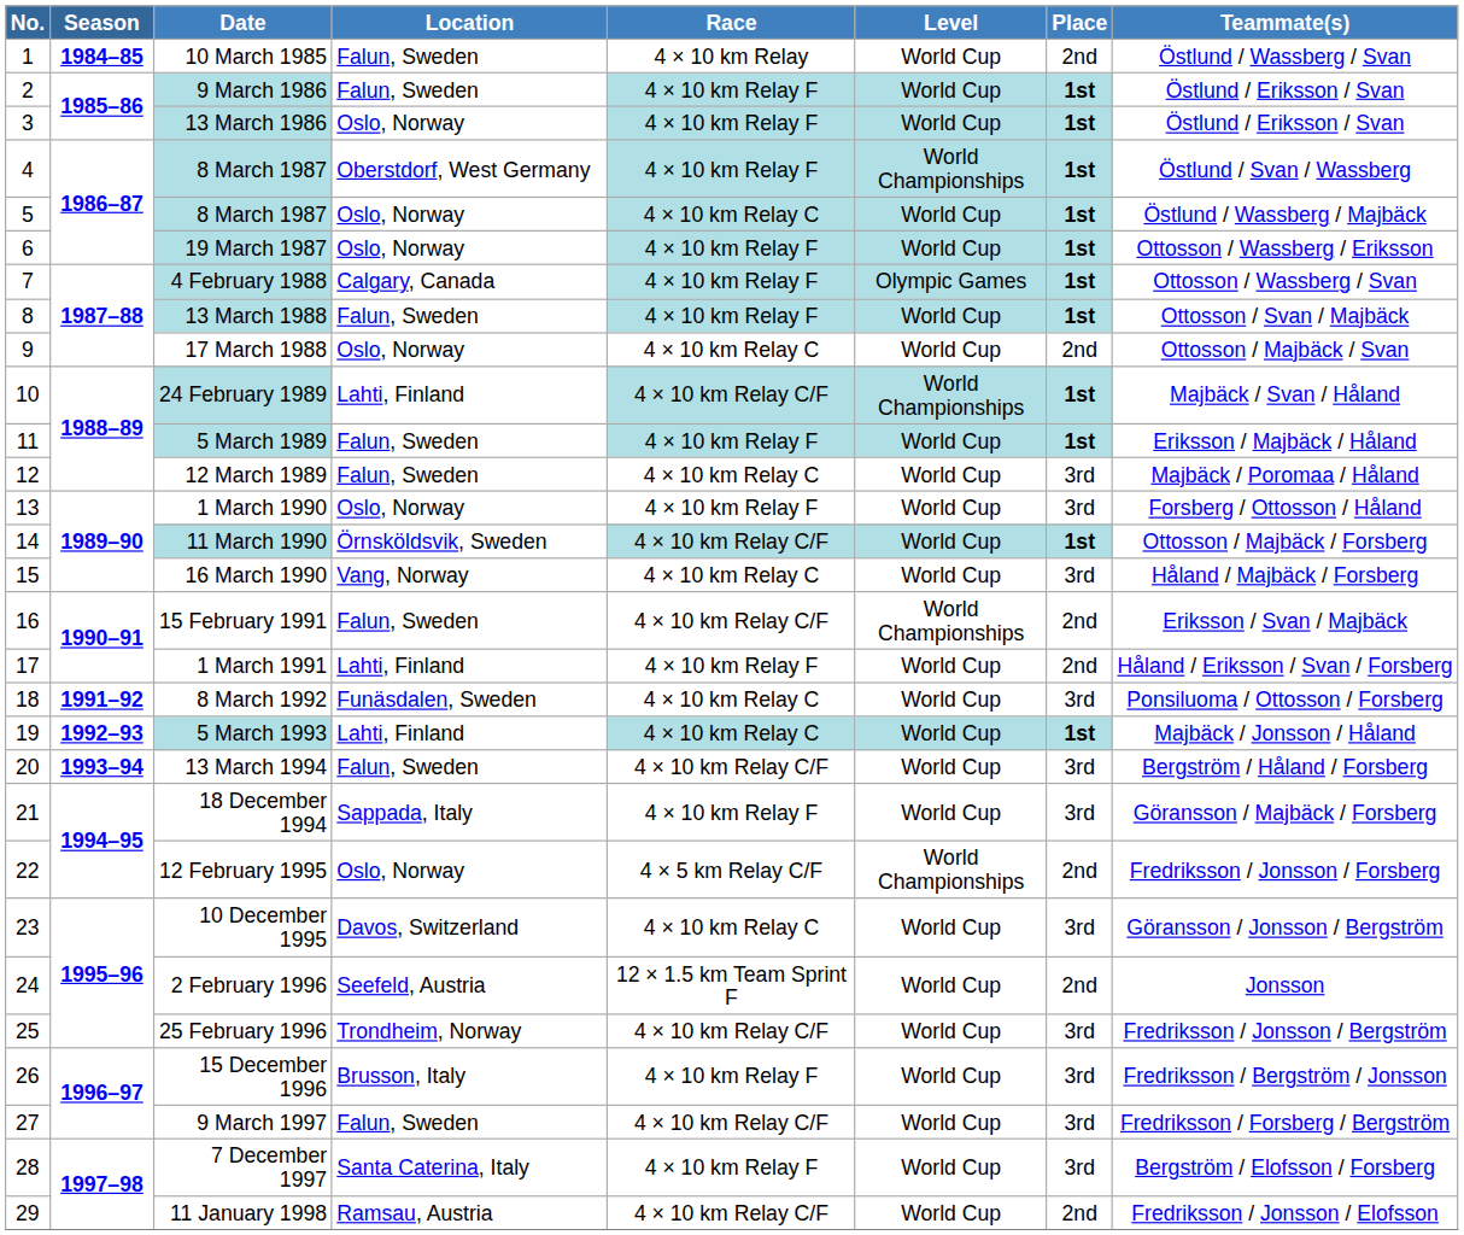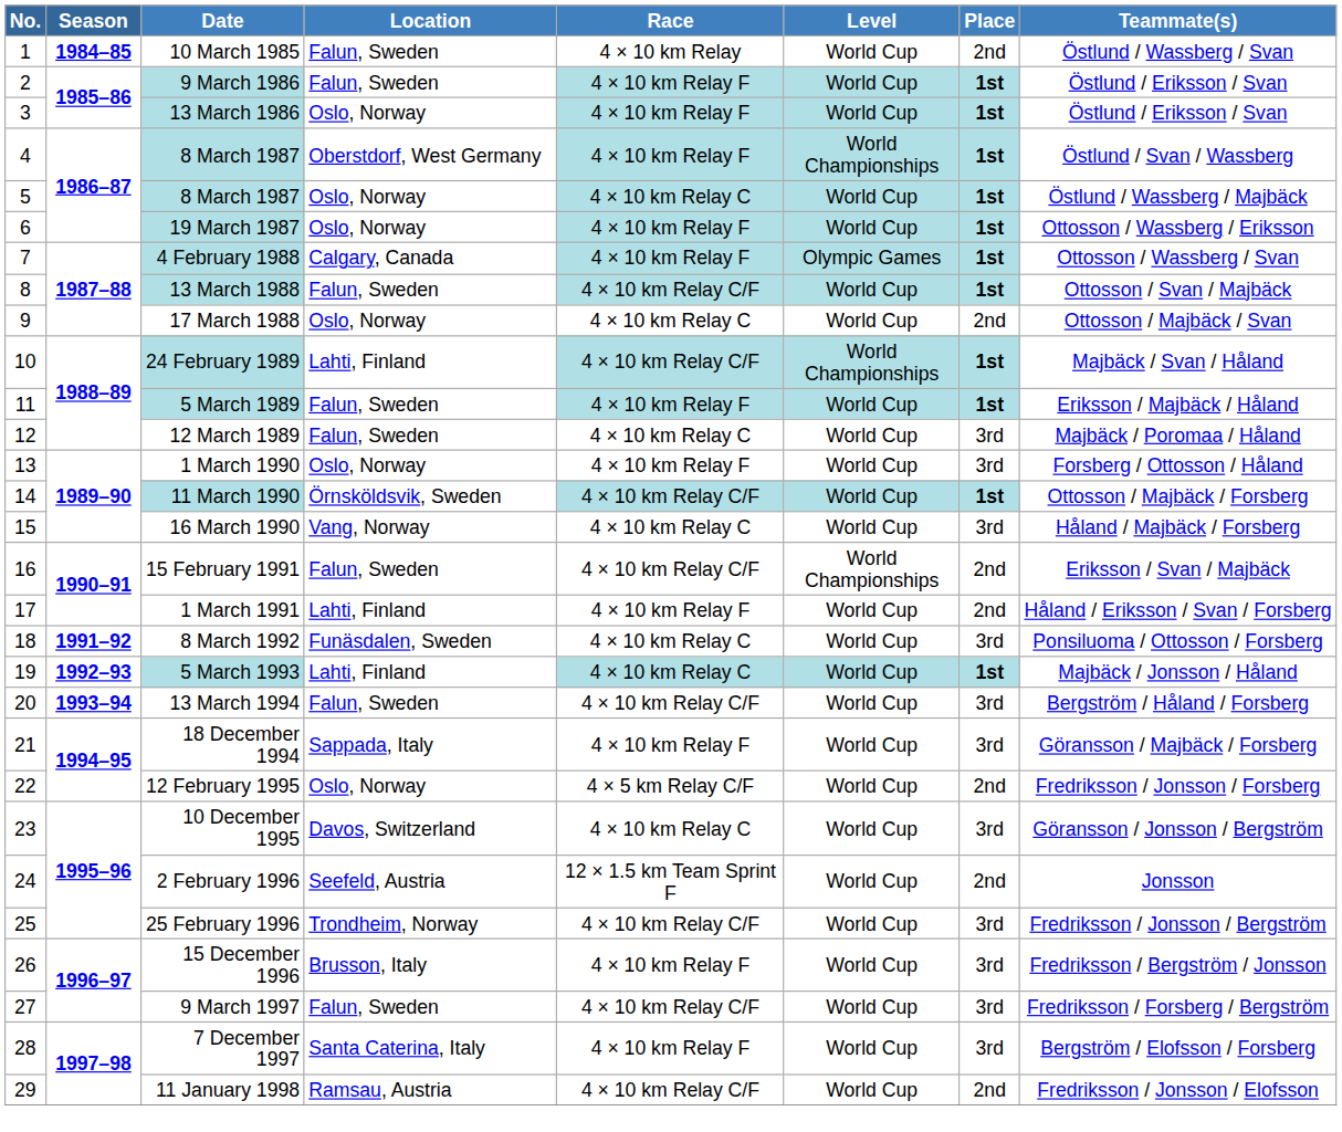 <table class="wikitable sortable" style="font-size:95%; text-align:center; border:grey solid 1px; border-collapse:collapse; background:#ffffff;">
 <tr style="background:#efefef;">
 <th style="background-color:#369; color:white;">No.</th>
 <th style="background-color:#369; color:white;">Season</th>
 <th style="background-color:#4180be; color:white; width:120px;">Date</th>
 <th style="background-color:#4180be; color:white; width:190px;">Location</th>
 <th style="background-color:#4180be; color:white; width:170px;">Race</th>
 <th style="background-color:#4180be; color:white; width:130px;">Level</th>
 <th style="background-color:#4180be; color:white;">Place</th>
 <th style="background-color:#4180be; color:white;">Teammate(s)</th>
 </tr>
 <tr>
 <td align=center>1</td>
 <td rowspan=1 align=center><strong> <a href='#'>1984–85</a> </strong></td>
 <td align=right>10 March 1985</td>
 <td align=left> <a href='#'>Falun</a>, Sweden</td>
 <td>4 × 10 km Relay</td>
 <td>World Cup</td>
 <td>2nd</td>
 <td><a href='#'>Östlund</a> / <a href='#'>Wassberg</a> / <a href='#'>Svan</a></td>
 </tr>
 <tr>
 <td align=center>2</td>
 <td rowspan=2 align=center><strong><a href='#'>1985–86</a></strong></td>
 <td bgcolor="#BOEOE6" align=right>9 March 1986</td>
 <td align=left> <a href='#'>Falun</a>, Sweden</td>
 <td bgcolor="#BOEOE6">4 × 10 km Relay F</td>
 <td bgcolor="#BOEOE6">World Cup</td>
 <td bgcolor="#BOEOE6"><strong>1st</strong></td>
 <td><a href='#'>Östlund</a> / <a href='#'>Eriksson</a> / <a href='#'>Svan</a></td>
 </tr>
 <tr>
 <td align=center>3</td>
 <td bgcolor="#BOEOE6" align=right>13 March 1986</td>
 <td align=left> <a href='#'>Oslo</a>, Norway</td>
 <td bgcolor="#BOEOE6">4 × 10 km Relay F</td>
 <td bgcolor="#BOEOE6">World Cup</td>
 <td bgcolor="#BOEOE6"><strong>1st</strong></td>
 <td><a href='#'>Östlund</a> / <a href='#'>Eriksson</a> / <a href='#'>Svan</a></td>
 </tr>
 <tr>
 <td align=center>4</td>
 <td rowspan=3 align=center><strong><a href='#'>1986–87</a></strong></td>
 <td bgcolor="#BOEOE6" align=right>8 March 1987</td>
 <td align=left> <a href='#'>Oberstdorf</a>, West Germany</td>
 <td bgcolor="#BOEOE6">4 × 10 km Relay F</td>
 <td bgcolor="#BOEOE6">World Championships</td>
 <td bgcolor="#BOEOE6"><strong>1st</strong></td>
 <td><a href='#'>Östlund</a> / <a href='#'>Svan</a> / <a href='#'>Wassberg</a></td>
 </tr>
 <tr>
 <td align=center>5</td>
 <td bgcolor="#BOEOE6" align=right>8 March 1987</td>
 <td align=left> <a href='#'>Oslo</a>, Norway</td>
 <td bgcolor="#BOEOE6">4 × 10 km Relay C</td>
 <td bgcolor="#BOEOE6">World Cup</td>
 <td bgcolor="#BOEOE6"><strong>1st</strong></td>
 <td><a href='#'>Östlund</a> / <a href='#'>Wassberg</a> / <a href='#'>Majbäck</a></td>
 </tr>
 <tr>
 <td align=center>6</td>
 <td bgcolor="#BOEOE6" align=right>19 March 1987</td>
 <td align=left> <a href='#'>Oslo</a>, Norway</td>
 <td bgcolor="#BOEOE6">4 × 10 km Relay F</td>
 <td bgcolor="#BOEOE6">World Cup</td>
 <td bgcolor="#BOEOE6"><strong>1st</strong></td>
 <td><a href='#'>Ottosson</a> / <a href='#'>Wassberg</a> / <a href='#'>Eriksson</a></td>
 </tr>
 <tr>
 <td align=center>7</td>
 <td rowspan=3 align=center><strong><a href='#'>1987–88</a></strong></td>
 <td bgcolor="#BOEOE6" align=right>4 February 1988</td>
 <td align=left> <a href='#'>Calgary</a>, Canada</td>
 <td bgcolor="#BOEOE6">4 × 10 km Relay F</td>
 <td bgcolor="#BOEOE6">Olympic Games</td>
 <td bgcolor="#BOEOE6"><strong>1st</strong></td>
 <td><a href='#'>Ottosson</a> / <a href='#'>Wassberg</a> / <a href='#'>Svan</a></td>
 </tr>
 <tr>
 <td align=center>8</td>
 <td bgcolor="#BOEOE6" align=right>13 March 1988</td>
 <td align=left> <a href='#'>Falun</a>, Sweden</td>
-<td bgcolor="#BOEOE6">4 × 10 km Relay F</td>
+<td bgcolor="#BOEOE6">4 × 10 km Relay C/F</td>
 <td bgcolor="#BOEOE6">World Cup</td>
 <td bgcolor="#BOEOE6"><strong>1st</strong></td>
 <td><a href='#'>Ottosson</a> / <a href='#'>Svan</a> / <a href='#'>Majbäck</a></td>
 </tr>
 <tr>
 <td align=center>9</td>
 <td align=right>17 March 1988</td>
 <td align=left> <a href='#'>Oslo</a>, Norway</td>
 <td>4 × 10 km Relay C</td>
 <td>World Cup</td>
 <td>2nd</td>
 <td><a href='#'>Ottosson</a> / <a href='#'>Majbäck</a> / <a href='#'>Svan</a></td>
 </tr>
 <tr>
 <td align=center>10</td>
 <td rowspan=3 align=center><strong><a href='#'>1988–89</a></strong></td>
 <td bgcolor="#BOEOE6" align=right>24 February 1989</td>
 <td align=left> <a href='#'>Lahti</a>, Finland</td>
 <td bgcolor="#BOEOE6">4 × 10 km Relay C/F</td>
 <td bgcolor="#BOEOE6">World Championships</td>
 <td bgcolor="#BOEOE6"><strong>1st</strong></td>
 <td><a href='#'>Majbäck</a> / <a href='#'>Svan</a> / <a href='#'>Håland</a></td>
 </tr>
 <tr>
 <td align=center>11</td>
 <td bgcolor="#BOEOE6" align=right>5 March 1989</td>
 <td align=left> <a href='#'>Falun</a>, Sweden</td>
 <td bgcolor="#BOEOE6">4 × 10 km Relay F</td>
 <td bgcolor="#BOEOE6">World Cup</td>
 <td bgcolor="#BOEOE6"><strong>1st</strong></td>
 <td><a href='#'>Eriksson</a> / <a href='#'>Majbäck</a> / <a href='#'>Håland</a></td>
 </tr>
 <tr>
 <td align=center>12</td>
 <td align=right>12 March 1989</td>
 <td align=left> <a href='#'>Falun</a>, Sweden</td>
 <td>4 × 10 km Relay C</td>
 <td>World Cup</td>
 <td>3rd</td>
 <td><a href='#'>Majbäck</a> / <a href='#'>Poromaa</a> / <a href='#'>Håland</a></td>
 </tr>
 <tr>
 <td align=center>13</td>
 <td rowspan=3 align=center><strong> <a href='#'>1989–90</a> </strong></td>
 <td align=right>1 March 1990</td>
 <td align=left> <a href='#'>Oslo</a>, Norway</td>
 <td>4 × 10 km Relay F</td>
 <td>World Cup</td>
 <td>3rd</td>
 <td><a href='#'>Forsberg</a> / <a href='#'>Ottosson</a> / <a href='#'>Håland</a></td>
 </tr>
 <tr>
 <td align=center>14</td>
 <td bgcolor="#BOEOE6" align=right>11 March 1990</td>
 <td align=left> <a href='#'>Örnsköldsvik</a>, Sweden</td>
 <td bgcolor="#BOEOE6">4 × 10 km Relay C/F</td>
 <td bgcolor="#BOEOE6">World Cup</td>
 <td bgcolor="#BOEOE6"><strong>1st</strong></td>
 <td><a href='#'>Ottosson</a> / <a href='#'>Majbäck</a> / <a href='#'>Forsberg</a></td>
 </tr>
 <tr>
 <td align=center>15</td>
 <td align=right>16 March 1990</td>
 <td align=left> <a href='#'>Vang</a>, Norway</td>
 <td>4 × 10 km Relay C</td>
 <td>World Cup</td>
 <td>3rd</td>
 <td><a href='#'>Håland</a> / <a href='#'>Majbäck</a> / <a href='#'>Forsberg</a></td>
 </tr>
 <tr>
 <td align=center>16</td>
 <td rowspan=2 align=center><strong> <a href='#'>1990–91</a> </strong></td>
 <td align=right>15 February 1991</td>
 <td align=left> <a href='#'>Falun</a>, Sweden</td>
 <td>4 × 10 km Relay C/F</td>
 <td>World Championships</td>
 <td>2nd</td>
 <td><a href='#'>Eriksson</a> / <a href='#'>Svan</a> / <a href='#'>Majbäck</a></td>
 </tr>
 <tr>
 <td align=center>17</td>
 <td align=right>1 March 1991</td>
 <td align=left> <a href='#'>Lahti</a>, Finland</td>
 <td>4 × 10 km Relay F</td>
 <td>World Cup</td>
 <td>2nd</td>
 <td><a href='#'>Håland</a> / <a href='#'>Eriksson</a> / <a href='#'>Svan</a> /  <a href='#'>Forsberg</a></td>
 </tr>
 <tr>
 <td align=center>18</td>
 <td rowspan=1 align=center><strong> <a href='#'>1991–92</a> </strong></td>
 <td align=right>8 March 1992</td>
 <td align=left> <a href='#'>Funäsdalen</a>, Sweden</td>
 <td>4 × 10 km Relay C</td>
 <td>World Cup</td>
 <td>3rd</td>
 <td><a href='#'>Ponsiluoma</a> / <a href='#'>Ottosson</a> /  <a href='#'>Forsberg</a></td>
 </tr>
 <tr>
 <td align=center>19</td>
 <td rowspan=1 align=center><strong><a href='#'>1992–93</a></strong></td>
 <td bgcolor="#BOEOE6" align=right>5 March 1993</td>
 <td align=left> <a href='#'>Lahti</a>, Finland</td>
 <td bgcolor="#BOEOE6">4 × 10 km Relay C</td>
 <td bgcolor="#BOEOE6">World Cup</td>
 <td bgcolor="#BOEOE6"><strong>1st</strong></td>
 <td><a href='#'>Majbäck</a> / <a href='#'>Jonsson</a> / <a href='#'>Håland</a></td>
 </tr>
 <tr>
 <td align=center>20</td>
 <td rowspan=1 align=center><strong> <a href='#'>1993–94</a> </strong></td>
 <td align=right>13 March 1994</td>
 <td align=left> <a href='#'>Falun</a>, Sweden</td>
 <td>4 × 10 km Relay C/F</td>
 <td>World Cup</td>
 <td>3rd</td>
 <td><a href='#'>Bergström</a> / <a href='#'>Håland</a> / <a href='#'>Forsberg</a></td>
 </tr>
 <tr>
 <td align=center>21</td>
 <td rowspan=2 align=center><strong> <a href='#'>1994–95</a> </strong></td>
 <td align=right>18 December 1994</td>
 <td align=left> <a href='#'>Sappada</a>, Italy</td>
 <td>4 × 10 km Relay F</td>
 <td>World Cup</td>
 <td>3rd</td>
 <td><a href='#'>Göransson</a> / <a href='#'>Majbäck</a> / <a href='#'>Forsberg</a></td>
 </tr>
 <tr>
 <td align=center>22</td>
 <td align=right>12 February 1995</td>
 <td align=left> <a href='#'>Oslo</a>, Norway</td>
 <td>4 × 5 km Relay C/F</td>
-<td>World Championships</td>
+<td>World Cup</td>
 <td>2nd</td>
 <td><a href='#'>Fredriksson</a> / <a href='#'>Jonsson</a> / <a href='#'>Forsberg</a></td>
 </tr>
 <tr>
 <td align=center>23</td>
 <td rowspan=3 align=center><strong> <a href='#'>1995–96</a> </strong></td>
 <td align=right>10 December 1995</td>
 <td align=left> <a href='#'>Davos</a>, Switzerland</td>
 <td>4 × 10 km Relay C</td>
 <td>World Cup</td>
 <td>3rd</td>
 <td><a href='#'>Göransson</a> / <a href='#'>Jonsson</a> / <a href='#'>Bergström</a></td>
 </tr>
 <tr>
 <td align=center>24</td>
 <td align=right>2 February 1996</td>
 <td align=left> <a href='#'>Seefeld</a>, Austria</td>
 <td>12 × 1.5 km Team Sprint F</td>
 <td>World Cup</td>
 <td>2nd</td>
 <td><a href='#'>Jonsson</a></td>
 </tr>
 <tr>
 <td align=center>25</td>
 <td align=right>25 February 1996</td>
 <td align=left> <a href='#'>Trondheim</a>, Norway</td>
 <td>4 × 10 km Relay C/F</td>
 <td>World Cup</td>
 <td>3rd</td>
 <td><a href='#'>Fredriksson</a> / <a href='#'>Jonsson</a> / <a href='#'>Bergström</a></td>
 </tr>
 <tr>
 <td align=center>26</td>
 <td rowspan=2 align=center><strong> <a href='#'>1996–97</a> </strong></td>
 <td align=right>15 December 1996</td>
 <td align=left> <a href='#'>Brusson</a>, Italy</td>
 <td>4 × 10 km Relay F</td>
 <td>World Cup</td>
 <td>3rd</td>
 <td><a href='#'>Fredriksson</a> / <a href='#'>Bergström</a>  / <a href='#'>Jonsson</a></td>
 </tr>
 <tr>
 <td align=center>27</td>
 <td align=right>9 March 1997</td>
 <td align=left> <a href='#'>Falun</a>, Sweden</td>
 <td>4 × 10 km Relay C/F</td>
 <td>World Cup</td>
 <td>3rd</td>
 <td><a href='#'>Fredriksson</a> / <a href='#'>Forsberg</a> / <a href='#'>Bergström</a></td>
 </tr>
 <tr>
 <td align=center>28</td>
 <td rowspan=2 align=center><strong> <a href='#'>1997–98</a> </strong></td>
 <td align=right>7 December 1997</td>
 <td align=left> <a href='#'>Santa Caterina</a>, Italy</td>
 <td>4 × 10 km Relay F</td>
 <td>World Cup</td>
 <td>3rd</td>
 <td><a href='#'>Bergström</a>  / <a href='#'>Elofsson</a> / <a href='#'>Forsberg</a></td>
 </tr>
 <tr>
 <td align=center>29</td>
 <td align=right>11 January 1998</td>
 <td align=left> <a href='#'>Ramsau</a>, Austria</td>
 <td>4 × 10 km Relay C/F</td>
 <td>World Cup</td>
 <td>2nd</td>
 <td><a href='#'>Fredriksson</a> / <a href='#'>Jonsson</a> / <a href='#'>Elofsson</a></td>
 </tr>
 <tr>
 </tr>
 </table>
